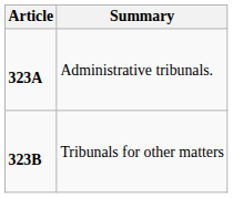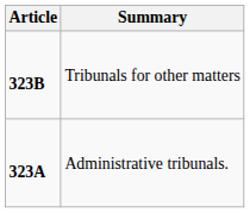 <table class="wikitable">
 <tr>
 <th>Article</th>
 <th>Summary</th>
 </tr>
 <tr>
+<td><br><h4>323B</h4></td>
+<td>Tribunals for other matters</td>
+</tr>
+<tr>
 <td><br><h4>323A</h4></td>
 <td>Administrative tribunals.</td>
 </tr>
-<tr>
-<td><br><h4>323B</h4></td>
-<td>Tribunals for other matters</td>
-</tr>
 </table>
